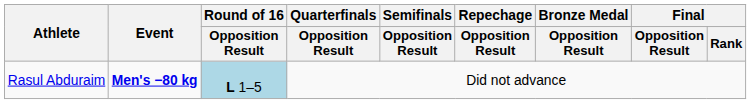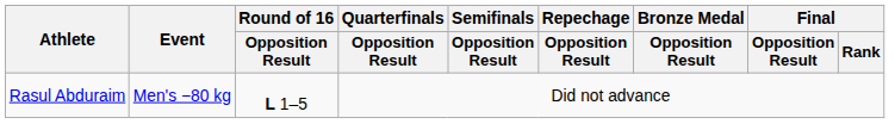 <table class="wikitable" style="font-size:90%">
 <tr>
 <th rowspan="2">Athlete</th>
 <th rowspan="2">Event</th>
 <th>Round of 16</th>
 <th>Quarterfinals</th>
 <th>Semifinals</th>
 <th>Repechage</th>
 <th>Bronze Medal</th>
 <th colspan=2>Final</th>
 </tr>
 <tr style="font-size:95%">
 <th>Opposition<br>Result</th>
 <th>Opposition<br>Result</th>
 <th>Opposition<br>Result</th>
 <th>Opposition<br>Result</th>
 <th>Opposition<br>Result</th>
 <th>Opposition<br>Result</th>
 <th>Rank</th>
 </tr>
 <tr align=center>
 <td align=left><a href='#'>Rasul Abduraim</a></td>
-<td align=left><strong><a href='#'>Men's −80 kg</a></strong></td>
-<td style="background: lightblue;"><br><strong>L</strong> 1–5</td>
+<td align=left><a href='#'>Men's −80 kg</a></td>
+<td><br><strong>L</strong> 1–5</td>
 <td colspan=6>Did not advance</td>
 </tr>
 </table>
